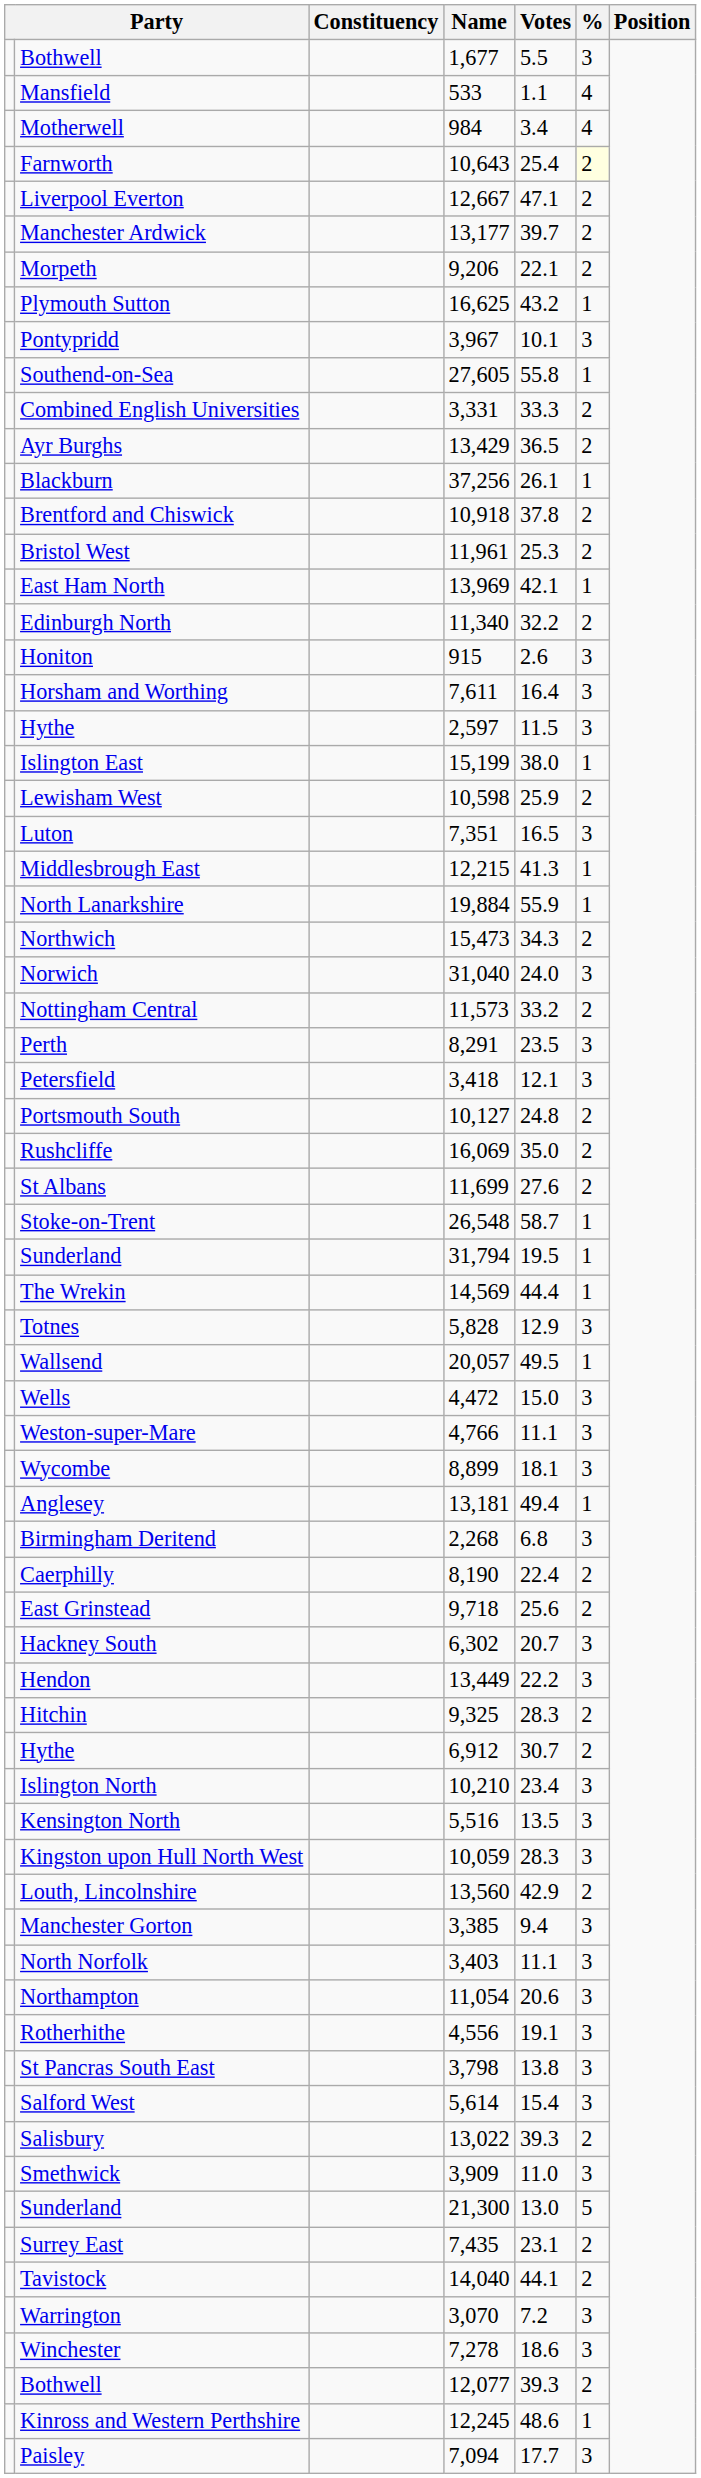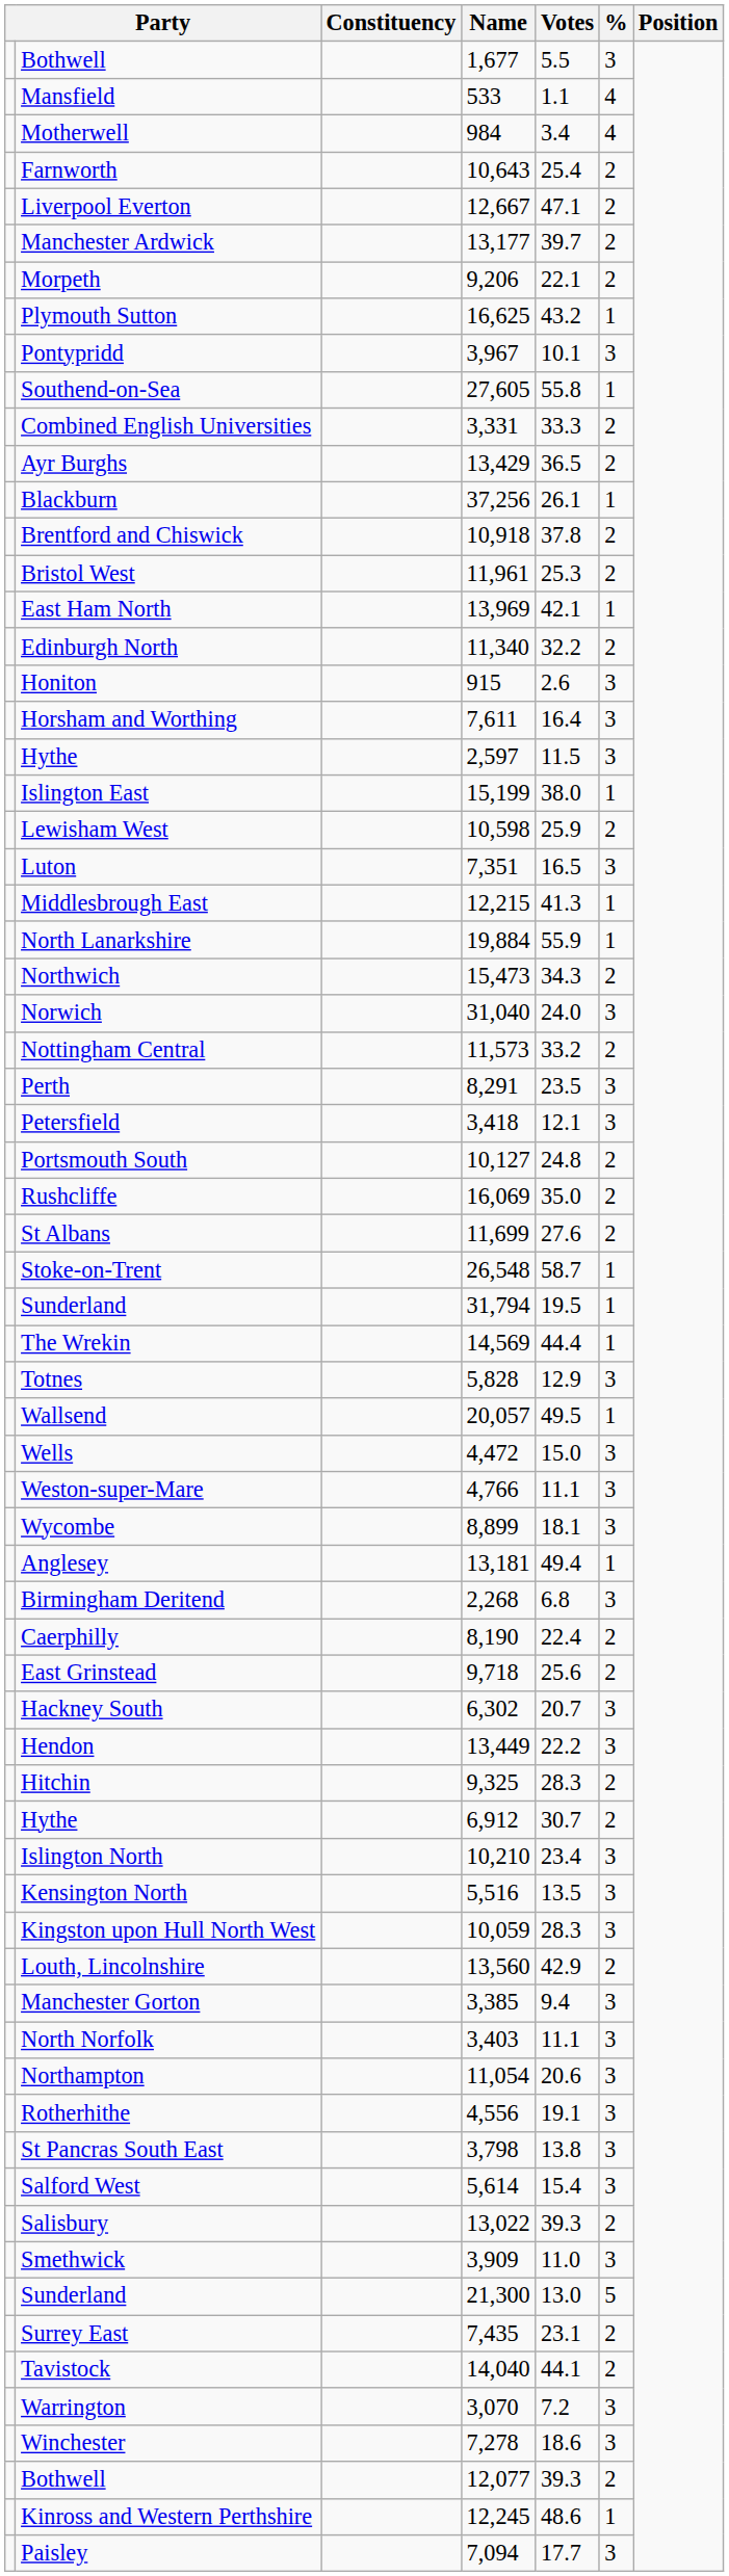 <table class="wikitable sortable">
 <tr>
 <th colspan=2>Party</th>
 <th>Constituency</th>
 <th>Name</th>
 <th>Votes</th>
 <th>%</th>
 <th>Position</th>
 </tr>
 <tr>
 <td></td>
 <td><a href='#'>Bothwell</a></td>
 <td></td>
 <td>1,677</td>
 <td>5.5</td>
 <td>3</td>
 </tr>
 <tr>
 <td></td>
 <td><a href='#'>Mansfield</a></td>
 <td></td>
 <td>533</td>
 <td>1.1</td>
 <td>4</td>
 </tr>
 <tr>
 <td></td>
 <td><a href='#'>Motherwell</a></td>
 <td></td>
 <td>984</td>
 <td>3.4</td>
 <td>4</td>
 </tr>
 <tr>
 <td></td>
 <td><a href='#'>Farnworth</a></td>
 <td></td>
 <td>10,643</td>
 <td>25.4</td>
-<td style="background: lightyellow;">2</td>
+<td>2</td>
 </tr>
 <tr>
 <td></td>
 <td><a href='#'>Liverpool Everton</a></td>
 <td></td>
 <td>12,667</td>
 <td>47.1</td>
 <td>2</td>
 </tr>
 <tr>
 <td></td>
 <td><a href='#'>Manchester Ardwick</a></td>
 <td></td>
 <td>13,177</td>
 <td>39.7</td>
 <td>2</td>
 </tr>
 <tr>
 <td></td>
 <td><a href='#'>Morpeth</a></td>
 <td></td>
 <td>9,206</td>
 <td>22.1</td>
 <td>2</td>
 </tr>
 <tr>
 <td></td>
 <td><a href='#'>Plymouth Sutton</a></td>
 <td></td>
 <td>16,625</td>
 <td>43.2</td>
 <td>1</td>
 </tr>
 <tr>
 <td></td>
 <td><a href='#'>Pontypridd</a></td>
 <td></td>
 <td>3,967</td>
 <td>10.1</td>
 <td>3</td>
 </tr>
 <tr>
 <td></td>
 <td><a href='#'>Southend-on-Sea</a></td>
 <td></td>
 <td>27,605</td>
 <td>55.8</td>
 <td>1</td>
 </tr>
 <tr>
 <td></td>
 <td><a href='#'>Combined English Universities</a></td>
 <td></td>
 <td>3,331</td>
 <td>33.3</td>
 <td>2</td>
 </tr>
 <tr>
 <td></td>
 <td><a href='#'>Ayr Burghs</a></td>
 <td></td>
 <td>13,429</td>
 <td>36.5</td>
 <td>2</td>
 </tr>
 <tr>
 <td></td>
 <td><a href='#'>Blackburn</a></td>
 <td></td>
 <td>37,256</td>
 <td>26.1</td>
 <td>1</td>
 </tr>
 <tr>
 <td></td>
 <td><a href='#'>Brentford and Chiswick</a></td>
 <td></td>
 <td>10,918</td>
 <td>37.8</td>
 <td>2</td>
 </tr>
 <tr>
 <td></td>
 <td><a href='#'>Bristol West</a></td>
 <td></td>
 <td>11,961</td>
 <td>25.3</td>
 <td>2</td>
 </tr>
 <tr>
 <td></td>
 <td><a href='#'>East Ham North</a></td>
 <td></td>
 <td>13,969</td>
 <td>42.1</td>
 <td>1</td>
 </tr>
 <tr>
 <td></td>
 <td><a href='#'>Edinburgh North</a></td>
 <td></td>
 <td>11,340</td>
 <td>32.2</td>
 <td>2</td>
 </tr>
 <tr>
 <td></td>
 <td><a href='#'>Honiton</a></td>
 <td></td>
 <td>915</td>
 <td>2.6</td>
 <td>3</td>
 </tr>
 <tr>
 <td></td>
 <td><a href='#'>Horsham and Worthing</a></td>
 <td></td>
 <td>7,611</td>
 <td>16.4</td>
 <td>3</td>
 </tr>
 <tr>
 <td></td>
 <td><a href='#'>Hythe</a></td>
 <td></td>
 <td>2,597</td>
 <td>11.5</td>
 <td>3</td>
 </tr>
 <tr>
 <td></td>
 <td><a href='#'>Islington East</a></td>
 <td></td>
 <td>15,199</td>
 <td>38.0</td>
 <td>1</td>
 </tr>
 <tr>
 <td></td>
 <td><a href='#'>Lewisham West</a></td>
 <td></td>
 <td>10,598</td>
 <td>25.9</td>
 <td>2</td>
 </tr>
 <tr>
 <td></td>
 <td><a href='#'>Luton</a></td>
 <td></td>
 <td>7,351</td>
 <td>16.5</td>
 <td>3</td>
 </tr>
 <tr>
 <td></td>
 <td><a href='#'>Middlesbrough East</a></td>
 <td></td>
 <td>12,215</td>
 <td>41.3</td>
 <td>1</td>
 </tr>
 <tr>
 <td></td>
 <td><a href='#'>North Lanarkshire</a></td>
 <td></td>
 <td>19,884</td>
 <td>55.9</td>
 <td>1</td>
 </tr>
 <tr>
 <td></td>
 <td><a href='#'>Northwich</a></td>
 <td></td>
 <td>15,473</td>
 <td>34.3</td>
 <td>2</td>
 </tr>
 <tr>
 <td></td>
 <td><a href='#'>Norwich</a></td>
 <td></td>
 <td>31,040</td>
 <td>24.0</td>
 <td>3</td>
 </tr>
 <tr>
 <td></td>
 <td><a href='#'>Nottingham Central</a></td>
 <td></td>
 <td>11,573</td>
 <td>33.2</td>
 <td>2</td>
 </tr>
 <tr>
 <td></td>
 <td><a href='#'>Perth</a></td>
 <td></td>
 <td>8,291</td>
 <td>23.5</td>
 <td>3</td>
 </tr>
 <tr>
 <td></td>
 <td><a href='#'>Petersfield</a></td>
 <td></td>
 <td>3,418</td>
 <td>12.1</td>
 <td>3</td>
 </tr>
 <tr>
 <td></td>
 <td><a href='#'>Portsmouth South</a></td>
 <td></td>
 <td>10,127</td>
 <td>24.8</td>
 <td>2</td>
 </tr>
 <tr>
 <td></td>
 <td><a href='#'>Rushcliffe</a></td>
 <td></td>
 <td>16,069</td>
 <td>35.0</td>
 <td>2</td>
 </tr>
 <tr>
 <td></td>
 <td><a href='#'>St Albans</a></td>
 <td></td>
 <td>11,699</td>
 <td>27.6</td>
 <td>2</td>
 </tr>
 <tr>
 <td></td>
 <td><a href='#'>Stoke-on-Trent</a></td>
 <td></td>
 <td>26,548</td>
 <td>58.7</td>
 <td>1</td>
 </tr>
 <tr>
 <td></td>
 <td><a href='#'>Sunderland</a></td>
 <td></td>
 <td>31,794</td>
 <td>19.5</td>
 <td>1</td>
 </tr>
 <tr>
 <td></td>
 <td><a href='#'>The Wrekin</a></td>
 <td></td>
 <td>14,569</td>
 <td>44.4</td>
 <td>1</td>
 </tr>
 <tr>
 <td></td>
 <td><a href='#'>Totnes</a></td>
 <td></td>
 <td>5,828</td>
 <td>12.9</td>
 <td>3</td>
 </tr>
 <tr>
 <td></td>
 <td><a href='#'>Wallsend</a></td>
 <td></td>
 <td>20,057</td>
 <td>49.5</td>
 <td>1</td>
 </tr>
 <tr>
 <td></td>
 <td><a href='#'>Wells</a></td>
 <td></td>
 <td>4,472</td>
 <td>15.0</td>
 <td>3</td>
 </tr>
 <tr>
 <td></td>
 <td><a href='#'>Weston-super-Mare</a></td>
 <td></td>
 <td>4,766</td>
 <td>11.1</td>
 <td>3</td>
 </tr>
 <tr>
 <td></td>
 <td><a href='#'>Wycombe</a></td>
 <td></td>
 <td>8,899</td>
 <td>18.1</td>
 <td>3</td>
 </tr>
 <tr>
 <td></td>
 <td><a href='#'>Anglesey</a></td>
 <td></td>
 <td>13,181</td>
 <td>49.4</td>
 <td>1</td>
 </tr>
 <tr>
 <td></td>
 <td><a href='#'>Birmingham Deritend</a></td>
 <td></td>
 <td>2,268</td>
 <td>6.8</td>
 <td>3</td>
 </tr>
 <tr>
 <td></td>
 <td><a href='#'>Caerphilly</a></td>
 <td></td>
 <td>8,190</td>
 <td>22.4</td>
 <td>2</td>
 </tr>
 <tr>
 <td></td>
 <td><a href='#'>East Grinstead</a></td>
 <td></td>
 <td>9,718</td>
 <td>25.6</td>
 <td>2</td>
 </tr>
 <tr>
 <td></td>
 <td><a href='#'>Hackney South</a></td>
 <td></td>
 <td>6,302</td>
 <td>20.7</td>
 <td>3</td>
 </tr>
 <tr>
 <td></td>
 <td><a href='#'>Hendon</a></td>
 <td></td>
 <td>13,449</td>
 <td>22.2</td>
 <td>3</td>
 </tr>
 <tr>
 <td></td>
 <td><a href='#'>Hitchin</a></td>
 <td></td>
 <td>9,325</td>
 <td>28.3</td>
 <td>2</td>
 </tr>
 <tr>
 <td></td>
 <td><a href='#'>Hythe</a></td>
 <td></td>
 <td>6,912</td>
 <td>30.7</td>
 <td>2</td>
 </tr>
 <tr>
 <td></td>
 <td><a href='#'>Islington North</a></td>
 <td></td>
 <td>10,210</td>
 <td>23.4</td>
 <td>3</td>
 </tr>
 <tr>
 <td></td>
 <td><a href='#'>Kensington North</a></td>
 <td></td>
 <td>5,516</td>
 <td>13.5</td>
 <td>3</td>
 </tr>
 <tr>
 <td></td>
 <td><a href='#'>Kingston upon Hull North West</a></td>
 <td></td>
 <td>10,059</td>
 <td>28.3</td>
 <td>3</td>
 </tr>
 <tr>
 <td></td>
 <td><a href='#'>Louth, Lincolnshire</a></td>
 <td></td>
 <td>13,560</td>
 <td>42.9</td>
 <td>2</td>
 </tr>
 <tr>
 <td></td>
 <td><a href='#'>Manchester Gorton</a></td>
 <td></td>
 <td>3,385</td>
 <td>9.4</td>
 <td>3</td>
 </tr>
 <tr>
 <td></td>
 <td><a href='#'>North Norfolk</a></td>
 <td></td>
 <td>3,403</td>
 <td>11.1</td>
 <td>3</td>
 </tr>
 <tr>
 <td></td>
 <td><a href='#'>Northampton</a></td>
 <td></td>
 <td>11,054</td>
 <td>20.6</td>
 <td>3</td>
 </tr>
 <tr>
 <td></td>
 <td><a href='#'>Rotherhithe</a></td>
 <td></td>
 <td>4,556</td>
 <td>19.1</td>
 <td>3</td>
 </tr>
 <tr>
 <td></td>
 <td><a href='#'>St Pancras South East</a></td>
 <td></td>
 <td>3,798</td>
 <td>13.8</td>
 <td>3</td>
 </tr>
 <tr>
 <td></td>
 <td><a href='#'>Salford West</a></td>
 <td></td>
 <td>5,614</td>
 <td>15.4</td>
 <td>3</td>
 </tr>
 <tr>
 <td></td>
 <td><a href='#'>Salisbury</a></td>
 <td></td>
 <td>13,022</td>
 <td>39.3</td>
 <td>2</td>
 </tr>
 <tr>
 <td></td>
 <td><a href='#'>Smethwick</a></td>
 <td></td>
 <td>3,909</td>
 <td>11.0</td>
 <td>3</td>
 </tr>
 <tr>
 <td></td>
 <td><a href='#'>Sunderland</a></td>
 <td></td>
 <td>21,300</td>
 <td>13.0</td>
 <td>5</td>
 </tr>
 <tr>
 <td></td>
 <td><a href='#'>Surrey East</a></td>
 <td></td>
 <td>7,435</td>
 <td>23.1</td>
 <td>2</td>
 </tr>
 <tr>
 <td></td>
 <td><a href='#'>Tavistock</a></td>
 <td></td>
 <td>14,040</td>
 <td>44.1</td>
 <td>2</td>
 </tr>
 <tr>
 <td></td>
 <td><a href='#'>Warrington</a></td>
 <td></td>
 <td>3,070</td>
 <td>7.2</td>
 <td>3</td>
 </tr>
 <tr>
 <td></td>
 <td><a href='#'>Winchester</a></td>
 <td></td>
 <td>7,278</td>
 <td>18.6</td>
 <td>3</td>
 </tr>
 <tr>
 <td></td>
 <td><a href='#'>Bothwell</a></td>
 <td></td>
 <td>12,077</td>
 <td>39.3</td>
 <td>2</td>
 </tr>
 <tr>
 <td></td>
 <td><a href='#'>Kinross and Western Perthshire</a></td>
 <td></td>
 <td>12,245</td>
 <td>48.6</td>
 <td>1</td>
 </tr>
 <tr>
 <td></td>
 <td><a href='#'>Paisley</a></td>
 <td></td>
 <td>7,094</td>
 <td>17.7</td>
 <td>3</td>
 </tr>
 </table>
